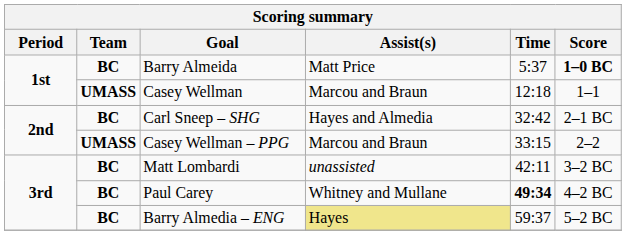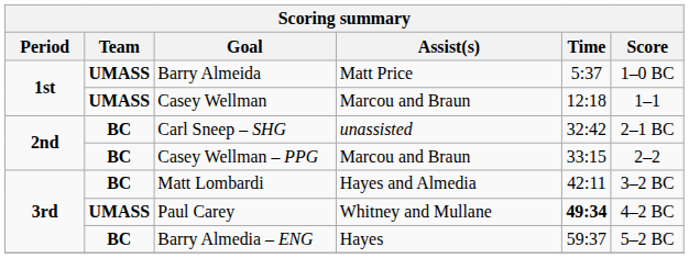 <table style="width:100%;" class="wikitable">
 <tr>
 <th colspan=6>Scoring summary</th>
 </tr>
 <tr>
 <th style="width:12%;">Period</th>
 <th style="width:7%;">Team</th>
 <th style="width:28%;">Goal</th>
 <th style="width:35%;">Assist(s)</th>
 <th style="width:7%;">Time</th>
 <th style="width:11%;">Score</th>
 </tr>
 <tr>
 <td style="text-align:center;" rowspan="2"><strong>1st</strong></td>
-<td align=center><strong>BC</strong></td>
+<td align=center><strong>UMASS</strong></td>
 <td>Barry Almeida</td>
 <td>Matt Price</td>
 <td align=center>5:37</td>
-<td align=center><strong>1–0 BC</strong></td>
+<td align=center>1–0 BC</td>
 </tr>
 <tr>
 <td align=center><strong>UMASS</strong></td>
 <td>Casey Wellman</td>
 <td>Marcou and Braun</td>
 <td align=center>12:18</td>
 <td align=center>1–1</td>
 </tr>
 <tr>
 <td style="text-align:center;" rowspan="2"><strong>2nd</strong></td>
 <td align=center><strong>BC</strong></td>
 <td>Carl Sneep – <em>SHG</em></td>
-<td>Hayes and Almedia</td>
+<td><em>unassisted</em></td>
 <td align=center>32:42</td>
 <td align=center>2–1 BC</td>
 </tr>
 <tr>
-<td align=center><strong>UMASS</strong></td>
+<td align=center><strong>BC</strong></td>
 <td>Casey Wellman – <em>PPG</em></td>
 <td>Marcou and Braun</td>
 <td align=center>33:15</td>
 <td align=center>2–2</td>
 </tr>
 <tr>
 <td style="text-align:center;" rowspan="3"><strong>3rd</strong></td>
 <td align=center><strong>BC</strong></td>
 <td>Matt Lombardi</td>
-<td><em>unassisted</em></td>
+<td>Hayes and Almedia</td>
 <td align=center>42:11</td>
 <td align=center>3–2 BC</td>
 </tr>
 <tr>
-<td align=center><strong>BC</strong></td>
+<td align=center><strong>UMASS</strong></td>
 <td>Paul Carey</td>
 <td>Whitney and Mullane</td>
 <td align=center><strong>49:34</strong></td>
 <td align=center>4–2 BC</td>
 </tr>
 <tr>
 <td align=center><strong>BC</strong></td>
 <td>Barry Almedia – <em>ENG</em></td>
-<td style="background: khaki;">Hayes</td>
+<td>Hayes</td>
 <td align=center>59:37</td>
 <td align=center>5–2 BC</td>
 </tr>
 <tr>
 </tr>
 </table>
